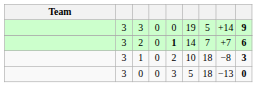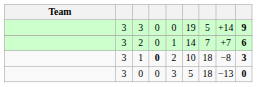 <table class="wikitable" style="text-align: center;">
 <tr>
 <th width=175>Team</th>
 <th width=20></th>
 <th width=20></th>
 <th width=20></th>
 <th width=20></th>
 <th width=20></th>
 <th width=20></th>
 <th width=20></th>
 <th width=20></th>
 </tr>
 <tr bgcolor="#ccffcc">
 <td style="text-align:left;"><em></em></td>
 <td>3</td>
 <td>3</td>
 <td>0</td>
 <td>0</td>
 <td>19</td>
 <td>5</td>
 <td>+14</td>
 <td><strong>9</strong></td>
 </tr>
 <tr align=center>
 </tr>
 <tr bgcolor="#ccffcc">
 <td style="text-align:left;"></td>
 <td>3</td>
 <td>2</td>
 <td>0</td>
-<td><strong>1</strong></td>
+<td>1</td>
 <td>14</td>
 <td>7</td>
 <td>+7</td>
 <td><strong>6</strong></td>
 </tr>
 <tr align=center>
 <td style="text-align:left;"></td>
 <td>3</td>
 <td>1</td>
-<td>0</td>
+<td><strong>0</strong></td>
 <td>2</td>
 <td>10</td>
 <td>18</td>
 <td>−8</td>
 <td><strong>3</strong></td>
 </tr>
 <tr align=center>
 <td style="text-align:left;"></td>
 <td>3</td>
 <td>0</td>
 <td>0</td>
 <td>3</td>
 <td>5</td>
 <td>18</td>
 <td>−13</td>
 <td><strong>0</strong></td>
 </tr>
 </table>
